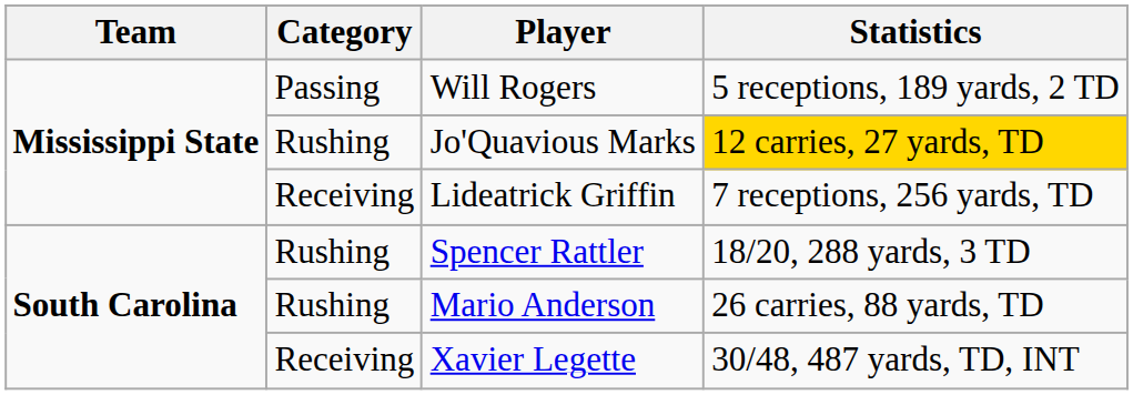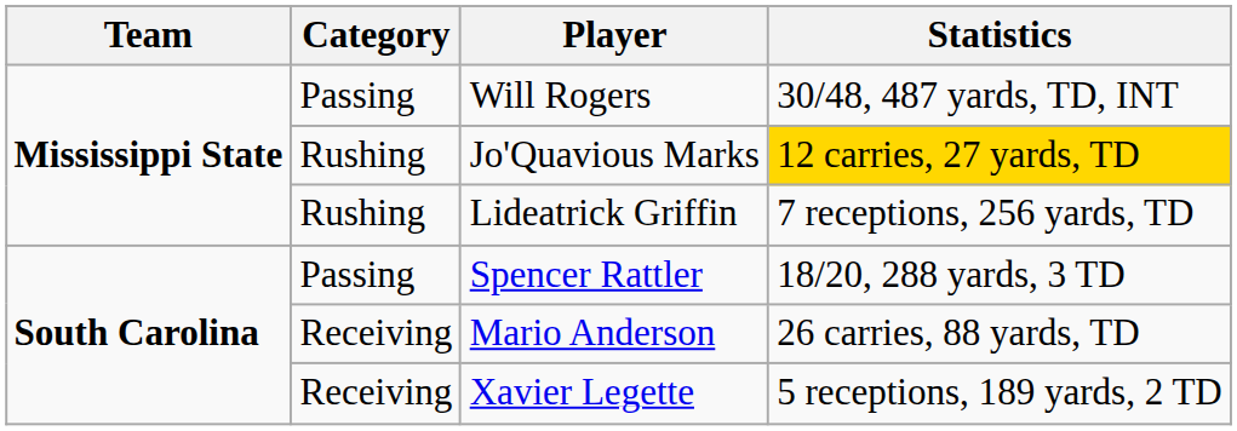 <table class="wikitable" style="float: right;">
 <tr>
 <th>Team</th>
 <th>Category</th>
 <th>Player</th>
 <th>Statistics</th>
 </tr>
 <tr>
 <td rowspan=3><strong>Mississippi State</strong></td>
 <td>Passing</td>
 <td>Will Rogers</td>
-<td>5 receptions, 189 yards, 2 TD</td>
+<td>30/48, 487 yards, TD, INT</td>
 </tr>
 <tr>
 <td>Rushing</td>
 <td>Jo'Quavious Marks</td>
 <td style="background: gold;">12 carries, 27 yards, TD</td>
 </tr>
 <tr>
-<td>Receiving</td>
+<td>Rushing</td>
 <td>Lideatrick Griffin</td>
 <td>7 receptions, 256 yards, TD</td>
 </tr>
 <tr>
 <td rowspan=3><strong>South Carolina</strong></td>
-<td>Rushing</td>
+<td>Passing</td>
 <td><a href='#'>Spencer Rattler</a></td>
 <td>18/20, 288 yards, 3 TD</td>
 </tr>
 <tr>
-<td>Rushing</td>
+<td>Receiving</td>
 <td><a href='#'>Mario Anderson</a></td>
 <td>26 carries, 88 yards, TD</td>
 </tr>
 <tr>
 <td>Receiving</td>
 <td><a href='#'>Xavier Legette</a></td>
-<td>30/48, 487 yards, TD, INT</td>
+<td>5 receptions, 189 yards, 2 TD</td>
 </tr>
 </table>
